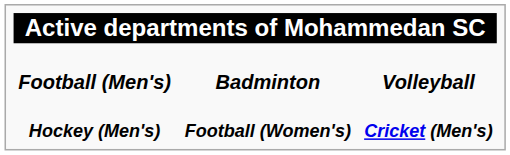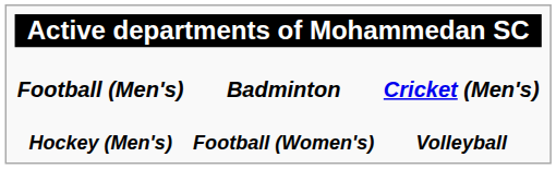 <table class="infobox" style="font-size:83%; width:25em; text-align:center">
 <tr>
 <th colspan=4 style="font-size:120%; background-color:Black; color:#FFFFFF;">Active departments of Mohammedan SC</th>
 </tr>
 <tr style="text-align: center">
 <td><br><strong><em>Football (Men's)</em></strong></td>
 <td><br><strong><em>Badminton</em></strong></td>
-<td><br><strong><em>Volleyball</em></strong></td>
+<td><br><strong><em><a href='#'>Cricket</a> (Men's)</em></strong></td>
 </tr>
 <tr style="font-size: 90%; text-align: center">
 <td><br><strong><em>Hockey (Men's)</em></strong></td>
 <td><br><strong><em>Football (Women's)</em></strong></td>
-<td><br><strong><em><a href='#'>Cricket</a> (Men's)</em></strong></td>
+<td><br><strong><em>Volleyball</em></strong></td>
 </tr>
 </table>
